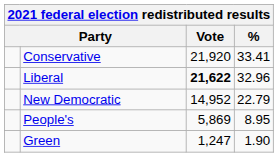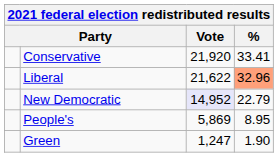 <table class="wikitable">
 <tr>
 <th colspan="4"><a href='#'>2021 federal election</a> redistributed results</th>
 </tr>
 <tr>
 <th bgcolor="#DDDDFF" width="130px" colspan="2">Party</th>
 <th bgcolor="#DDDDFF" width="50px">Vote</th>
 <th bgcolor="#DDDDFF" width="30px">%</th>
 </tr>
 <tr>
 <td> </td>
 <td><a href='#'>Conservative</a></td>
 <td align=right>21,920</td>
 <td align=right>33.41</td>
 </tr>
 <tr>
 <td> </td>
 <td><a href='#'>Liberal</a></td>
-<td align=right><strong>21,622</strong></td>
-<td align=right>32.96</td>
+<td align=right>21,622</td>
+<td align=right style="background: lightsalmon;">32.96</td>
 </tr>
 <tr>
 <td> </td>
 <td><a href='#'>New Democratic</a></td>
-<td align=right>14,952</td>
+<td align=right style="background: lavender;">14,952</td>
 <td align=right>22.79</td>
 </tr>
 <tr>
 <td> </td>
 <td><a href='#'>People's</a></td>
 <td align=right>5,869</td>
 <td align=right>8.95</td>
 </tr>
 <tr>
 <td> </td>
 <td><a href='#'>Green</a></td>
 <td align=right>1,247</td>
 <td align=right>1.90</td>
 </tr>
 </table>
